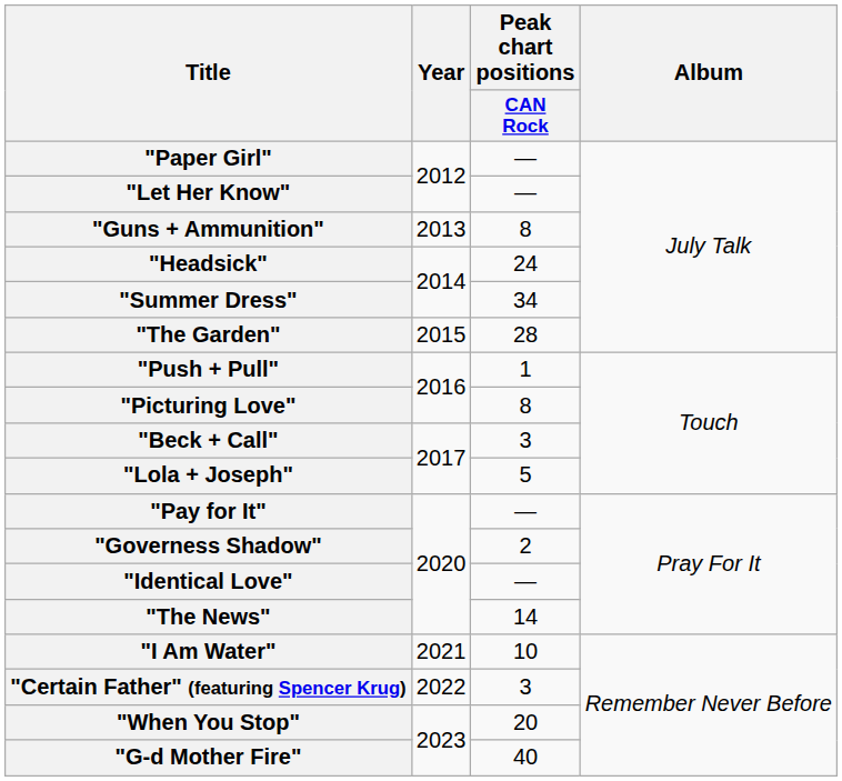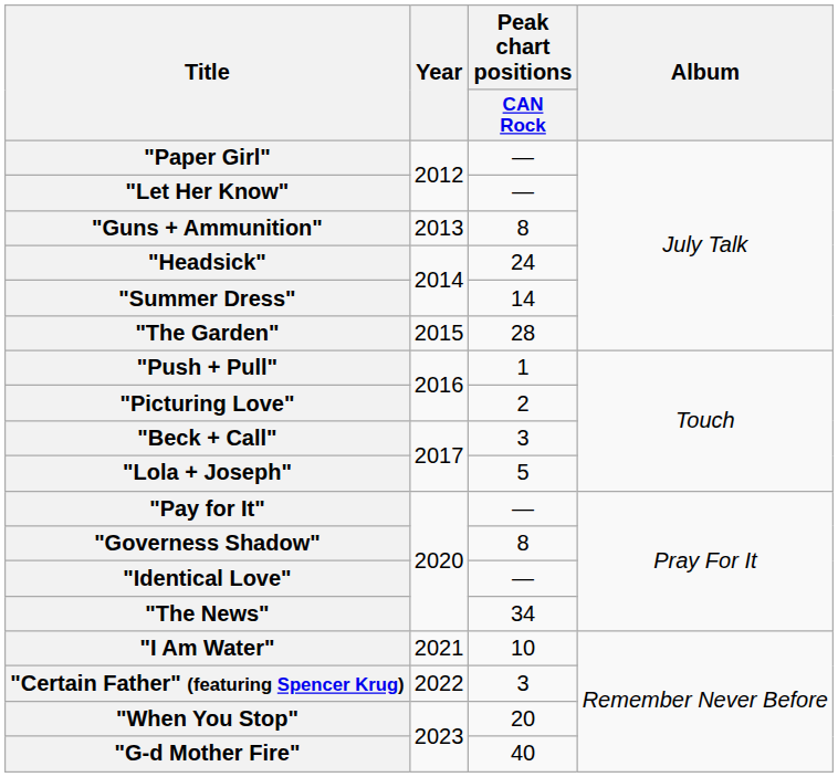 <table class="wikitable plainrowheaders" style="text-align:center;">
 <tr>
 <th scope="col" rowspan="2">Title</th>
 <th scope="col" rowspan="2">Year</th>
 <th scope="col" colspan="1">Peak chart positions</th>
 <th scope="col" rowspan="2">Album</th>
 </tr>
 <tr>
 <th scope="col" style="width:2.5em;font-size:85%;"><a href='#'>CAN<br>Rock</a><br></th>
 </tr>
 <tr>
 <th scope="row">"Paper Girl"</th>
 <td rowspan="2">2012</td>
 <td>—</td>
 <td rowspan="6"><em>July Talk</em></td>
 </tr>
 <tr>
 <th scope="row">"Let Her Know"</th>
 <td>—</td>
 </tr>
 <tr>
 <th scope="row">"Guns + Ammunition"</th>
 <td rowspan="1">2013</td>
 <td>8</td>
 </tr>
 <tr>
 <th scope="row">"Headsick"</th>
 <td rowspan="2">2014</td>
 <td>24</td>
 </tr>
 <tr>
 <th scope="row">"Summer Dress"</th>
-<td>34</td>
+<td>14</td>
 </tr>
 <tr>
 <th scope="row">"The Garden"</th>
 <td rowspan="1">2015</td>
 <td>28</td>
 </tr>
 <tr>
 <th scope="row">"Push + Pull"</th>
 <td rowspan="2">2016</td>
 <td>1</td>
 <td rowspan="4"><em>Touch</em></td>
 </tr>
 <tr>
 <th scope="row">"Picturing Love"</th>
-<td>8</td>
+<td>2</td>
 </tr>
 <tr>
 <th scope="row">"Beck + Call"</th>
 <td rowspan="2">2017</td>
 <td>3</td>
 </tr>
 <tr>
 <th scope="row">"Lola + Joseph"</th>
 <td>5</td>
 </tr>
 <tr>
 <th scope="row">"Pay for It"</th>
 <td rowspan="4">2020</td>
 <td>—</td>
 <td rowspan="4"><em>Pray For It</em></td>
 </tr>
 <tr>
 <th scope="row">"Governess Shadow"</th>
-<td>2</td>
+<td>8</td>
 </tr>
 <tr>
 <th scope="row">"Identical Love"</th>
 <td>—</td>
 </tr>
 <tr>
 <th scope="row">"The News"</th>
-<td>14</td>
+<td>34</td>
 </tr>
 <tr>
 <th scope="row">"I Am Water"</th>
 <td rowspan="1">2021</td>
 <td>10</td>
 <td rowspan="4"><em>Remember Never Before</em></td>
 </tr>
 <tr>
 <th scope="row">"Certain Father" <small>(featuring <a href='#'>Spencer Krug</a>)</small></th>
 <td rowspan="1">2022</td>
 <td>3</td>
 </tr>
 <tr>
 <th scope="row">"When You Stop"</th>
 <td rowspan="2">2023</td>
 <td>20</td>
 </tr>
 <tr>
 <th scope="row">"G-d Mother Fire"</th>
 <td>40</td>
 </tr>
 </table>
